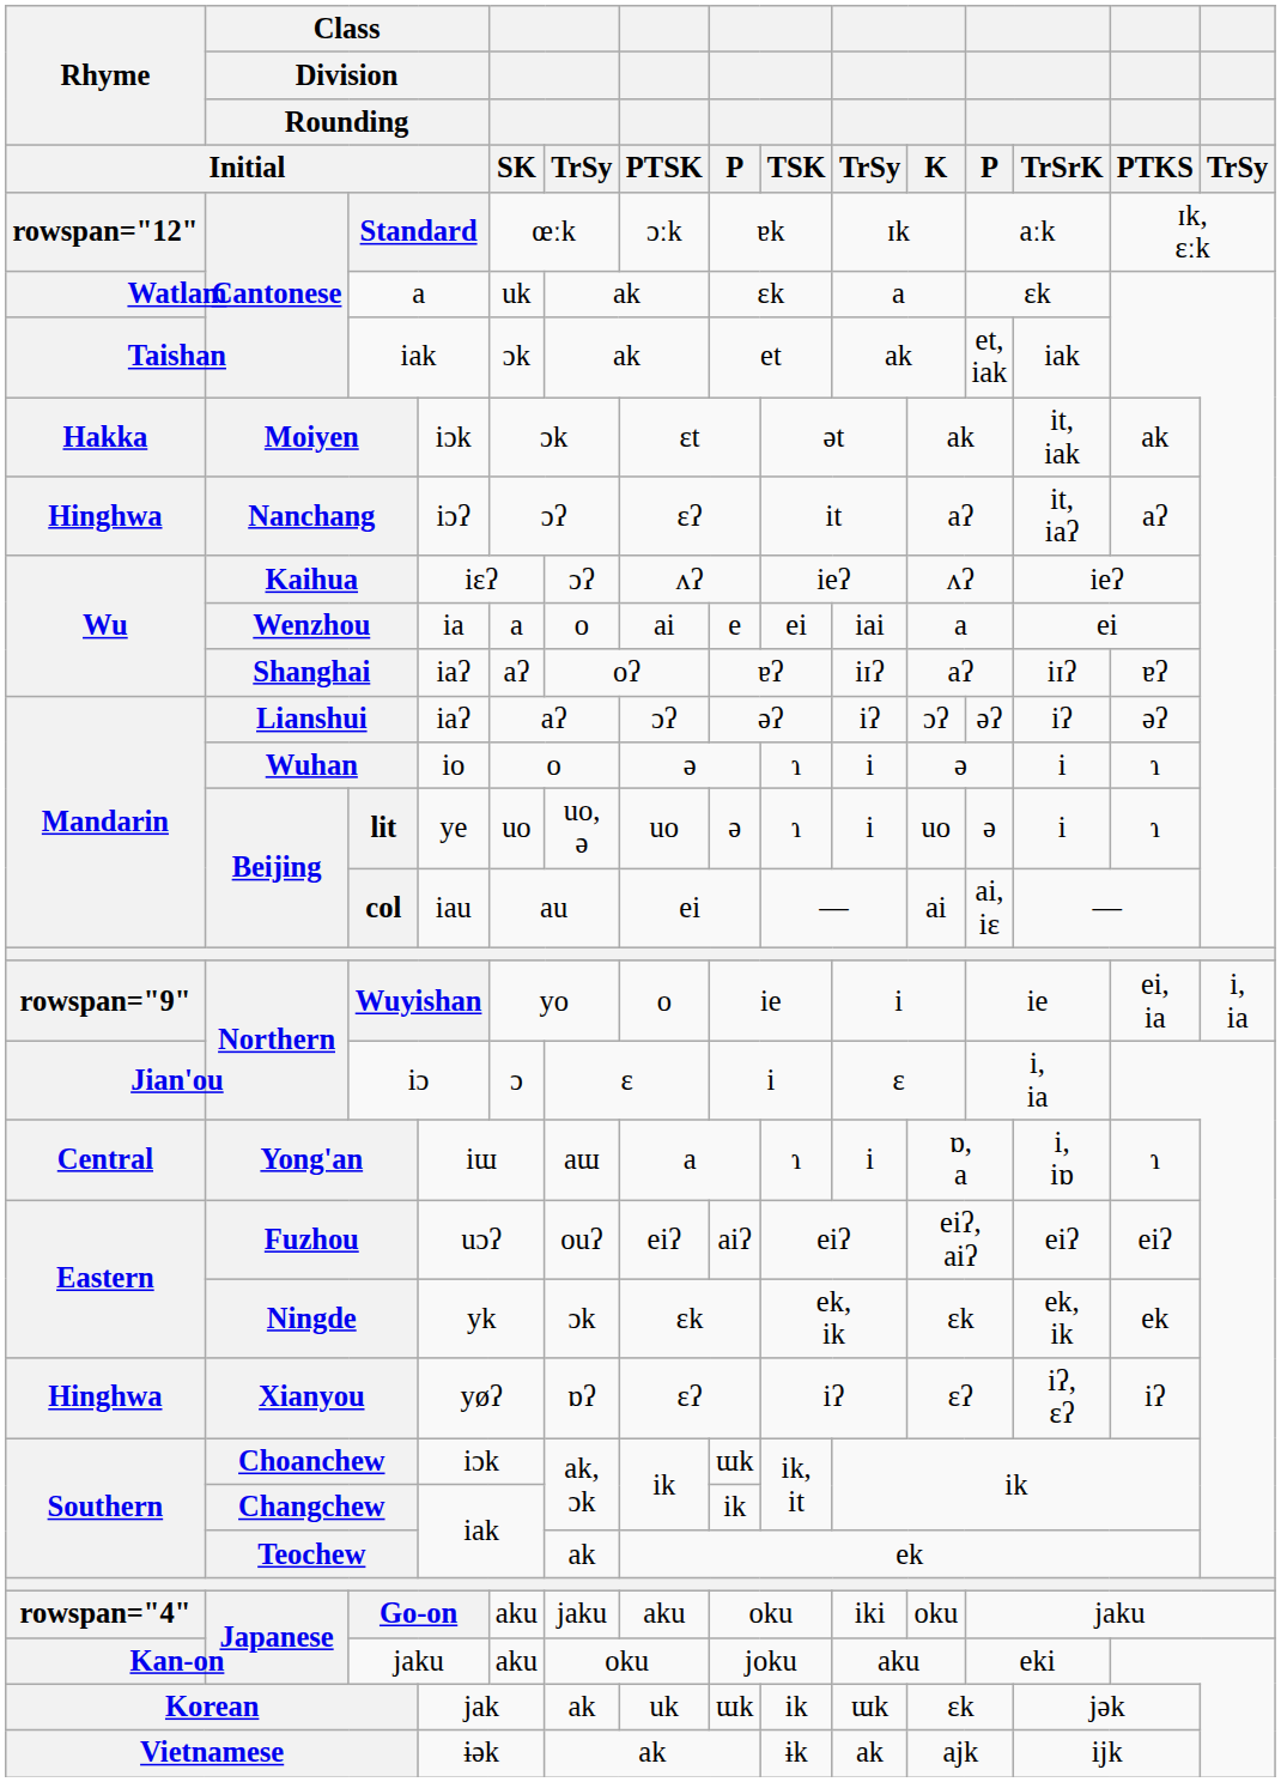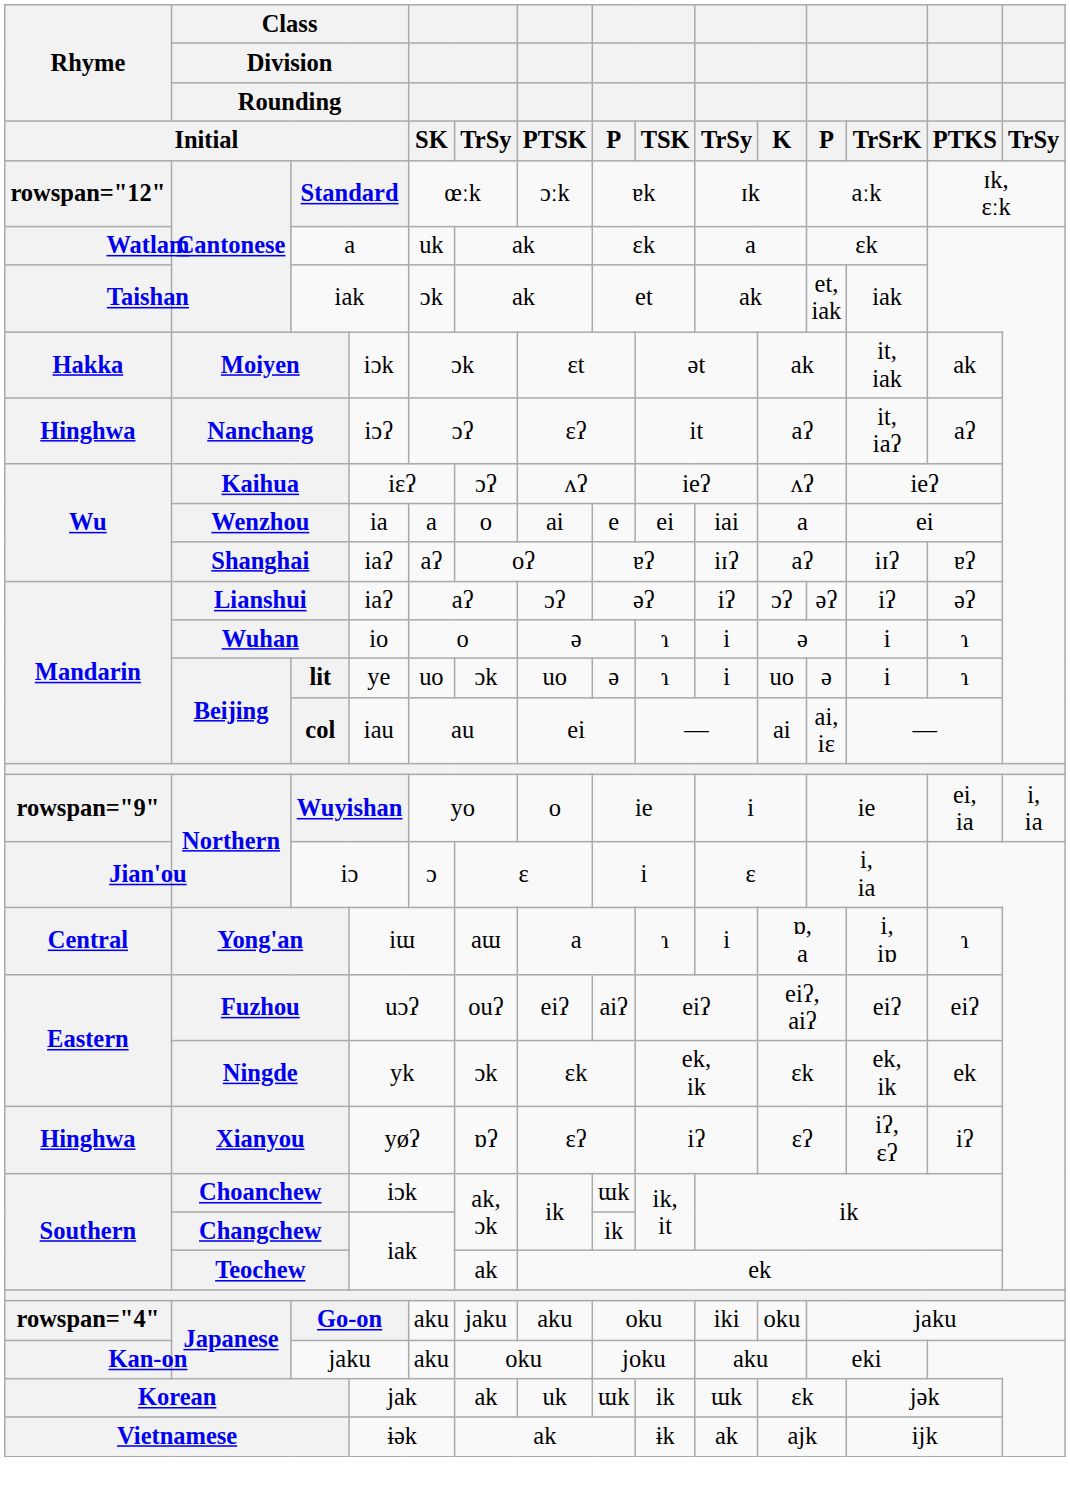 <table class="wikitable" style="text-align: center;">
 <tr>
 <th rowspan="3">Rhyme</th>
 <th colspan="3">Class</th>
 <th colspan="2"></th>
 <th></th>
 <th colspan="2"></th>
 <th colspan="2"></th>
 <th colspan="2"></th>
 <th></th>
 <th></th>
 </tr>
 <tr>
 <th colspan="3">Division</th>
 <th colspan="2"></th>
 <th></th>
 <th colspan="2"></th>
 <th colspan="2"></th>
 <th colspan="2"></th>
 <th></th>
 <th></th>
 </tr>
 <tr>
 <th colspan="3">Rounding</th>
 <th colspan="2"></th>
 <th></th>
 <th colspan="2"></th>
 <th colspan="2"></th>
 <th colspan="2"></th>
 <th></th>
 <th></th>
 </tr>
 <tr>
 <th colspan="4">Initial</th>
 <th>SK</th>
 <th>TrSy</th>
 <th>PTSK</th>
 <th>P</th>
 <th>TSK</th>
 <th>TrSy</th>
 <th>K</th>
 <th>P</th>
 <th>TrSrK</th>
 <th>PTKS</th>
 <th>TrSy</th>
 </tr>
 <tr>
 <th>rowspan="12" </th>
 <th rowspan="3"><a href='#'>Cantonese</a></th>
 <th colspan="2"><a href='#'>Standard</a></th>
 <td colspan="2">œːk</td>
 <td>ɔːk</td>
 <td colspan="2">ɐk</td>
 <td colspan="2">ɪk</td>
 <td colspan="2">aːk</td>
 <td colspan="2">ɪk,<br>ɛːk</td>
 </tr>
 <tr>
 <th colspan="2"><a href='#'>Watlam</a></th>
 <td colspan="2">a</td>
 <td>uk</td>
 <td colspan="2">ak</td>
 <td colspan="2">ɛk</td>
 <td colspan="2">a</td>
 <td colspan="2">ɛk</td>
 </tr>
 <tr>
 <th colspan="2"><a href='#'>Taishan</a></th>
 <td colspan="2">iak</td>
 <td>ɔk</td>
 <td colspan="2">ak</td>
 <td colspan="2">et</td>
 <td colspan="2">ak</td>
 <td>et,<br>iak</td>
 <td>iak</td>
 </tr>
 <tr>
 <th><a href='#'>Hakka</a></th>
 <th colspan="2"><a href='#'>Moiyen</a></th>
 <td>iɔk</td>
 <td colspan="2">ɔk</td>
 <td colspan="2">ɛt</td>
 <td colspan="2">ət</td>
 <td colspan="2">ak</td>
 <td>it,<br>iak</td>
 <td>ak</td>
 </tr>
 <tr>
 <th><a href='#'>Hinghwa</a></th>
 <th colspan="2"><a href='#'>Nanchang</a></th>
 <td>iɔʔ</td>
 <td colspan="2">ɔʔ</td>
 <td colspan="2">ɛʔ</td>
 <td colspan="2">it</td>
 <td colspan="2">aʔ</td>
 <td>it,<br>iaʔ</td>
 <td>aʔ</td>
 </tr>
 <tr>
 <th rowspan="3"><a href='#'>Wu</a></th>
 <th colspan="2"><a href='#'>Kaihua</a></th>
 <td colspan="2">iɛʔ</td>
 <td>ɔʔ</td>
 <td colspan="2">ʌʔ</td>
 <td colspan="2">ieʔ</td>
 <td colspan="2">ʌʔ</td>
 <td colspan="2">ieʔ</td>
 </tr>
 <tr>
 <th colspan="2"><a href='#'>Wenzhou</a></th>
 <td>ia</td>
 <td>a</td>
 <td>o</td>
 <td>ai</td>
 <td>e</td>
 <td>ei</td>
 <td>iai</td>
 <td colspan="2">a</td>
 <td colspan="2">ei</td>
 </tr>
 <tr>
 <th colspan="2"><a href='#'>Shanghai</a></th>
 <td>iaʔ</td>
 <td>aʔ</td>
 <td colspan="2">oʔ</td>
 <td colspan="2">ɐʔ</td>
 <td>iɪʔ</td>
 <td colspan="2">aʔ</td>
 <td>iɪʔ</td>
 <td>ɐʔ</td>
 </tr>
 <tr>
 <th rowspan="4"><a href='#'>Mandarin</a></th>
 <th colspan="2"><a href='#'>Lianshui</a></th>
 <td>iaʔ</td>
 <td colspan="2">aʔ</td>
 <td>ɔʔ</td>
 <td colspan="2">əʔ</td>
 <td>iʔ</td>
 <td>ɔʔ</td>
 <td>əʔ</td>
 <td>iʔ</td>
 <td>əʔ</td>
 </tr>
 <tr>
 <th colspan="2"><a href='#'>Wuhan</a></th>
 <td>io</td>
 <td colspan="2">o</td>
 <td colspan="2">ə</td>
 <td>ɿ</td>
 <td>i</td>
 <td colspan="2">ə</td>
 <td>i</td>
 <td>ɿ</td>
 </tr>
 <tr>
 <th rowspan="2"><a href='#'>Beijing</a></th>
 <th>lit</th>
 <td>ye</td>
 <td>uo</td>
-<td>uo,<br>ə</td>
+<td>ɔk</td>
 <td>uo</td>
 <td>ə</td>
 <td>ɿ</td>
 <td>i</td>
 <td>uo</td>
 <td>ə</td>
 <td>i</td>
 <td>ɿ</td>
 </tr>
 <tr>
 <th>col</th>
 <td>iau</td>
 <td colspan="2">au</td>
 <td colspan="2">ei</td>
 <td colspan="2">—</td>
 <td>ai</td>
 <td>ai,<br>iɛ</td>
 <td colspan="2">—</td>
 </tr>
 <tr>
 <th colspan="16"></th>
 </tr>
 <tr>
 <th>rowspan="9" </th>
 <th rowspan="2"><a href='#'>Northern</a></th>
 <th colspan="2"><a href='#'>Wuyishan</a></th>
 <td colspan="2">yo</td>
 <td>o</td>
 <td colspan="2">ie</td>
 <td colspan="2">i</td>
 <td colspan="2">ie</td>
 <td>ei,<br>ia</td>
 <td>i,<br>ia</td>
 </tr>
 <tr>
 <th colspan="2"><a href='#'>Jian'ou</a></th>
 <td colspan="2">iɔ</td>
 <td>ɔ</td>
 <td colspan="2">ɛ</td>
 <td colspan="2">i</td>
 <td colspan="2">ɛ</td>
 <td colspan="2">i,<br>ia</td>
 </tr>
 <tr>
 <th><a href='#'>Central</a></th>
 <th colspan="2"><a href='#'>Yong'an</a></th>
 <td colspan="2">iɯ</td>
 <td>aɯ</td>
 <td colspan="2">a</td>
 <td>ɿ</td>
 <td>i</td>
 <td colspan="2">ɒ,<br>a</td>
 <td>i,<br>iɒ</td>
 <td>ɿ</td>
 </tr>
 <tr>
 <th rowspan="2"><a href='#'>Eastern</a></th>
 <th colspan="2"><a href='#'>Fuzhou</a></th>
 <td colspan="2">uɔʔ</td>
 <td>ouʔ</td>
 <td>eiʔ</td>
 <td>aiʔ</td>
 <td colspan="2">eiʔ</td>
 <td colspan="2">eiʔ,<br>aiʔ</td>
 <td>eiʔ</td>
 <td>eiʔ</td>
 </tr>
 <tr>
 <th colspan="2"><a href='#'>Ningde</a></th>
 <td colspan="2">yk</td>
 <td>ɔk</td>
 <td colspan="2">ɛk</td>
 <td colspan="2">ek,<br>ik</td>
 <td colspan="2">ɛk</td>
 <td>ek,<br>ik</td>
 <td>ek</td>
 </tr>
 <tr>
 <th><a href='#'>Hinghwa</a></th>
 <th colspan="2"><a href='#'>Xianyou</a></th>
 <td colspan="2">yøʔ</td>
 <td>ɒʔ</td>
 <td colspan="2">ɛʔ</td>
 <td colspan="2">iʔ</td>
 <td colspan="2">ɛʔ</td>
 <td>iʔ,<br>ɛʔ</td>
 <td>iʔ</td>
 </tr>
 <tr>
 <th rowspan="3"><a href='#'>Southern</a></th>
 <th colspan="2"><a href='#'>Choanchew</a></th>
 <td colspan="2">iɔk</td>
 <td rowspan="2">ak,<br>ɔk</td>
 <td rowspan="2">ik</td>
 <td>ɯk</td>
 <td rowspan="2">ik,<br>it</td>
 <td colspan="5" rowspan="2">ik</td>
 </tr>
 <tr>
 <th colspan="2"><a href='#'>Changchew</a></th>
 <td colspan="2" rowspan="2">iak</td>
 <td>ik</td>
 </tr>
 <tr>
 <th colspan="2"><a href='#'>Teochew</a></th>
 <td>ak</td>
 <td colspan="8">ek</td>
 </tr>
 <tr>
 <th colspan="16"></th>
 </tr>
 <tr>
 <th>rowspan="4" </th>
 <th rowspan="2"><a href='#'>Japanese</a></th>
 <th colspan="2"><a href='#'>Go-on</a></th>
 <td>aku</td>
 <td>jaku</td>
 <td>aku</td>
 <td colspan="2">oku</td>
 <td>iki</td>
 <td>oku</td>
 <td colspan="4">jaku</td>
 </tr>
 <tr>
 <th colspan="2"><a href='#'>Kan-on</a></th>
 <td colspan="2">jaku</td>
 <td>aku</td>
 <td colspan="2">oku</td>
 <td colspan="2">joku</td>
 <td colspan="2">aku</td>
 <td colspan="2">eki</td>
 </tr>
 <tr>
 <th colspan="3"><a href='#'>Korean</a></th>
 <td colspan="2">jak</td>
 <td>ak</td>
 <td>uk</td>
 <td>ɯk</td>
 <td>ik</td>
 <td>ɯk</td>
 <td colspan="2">ɛk</td>
 <td colspan="2">jək</td>
 </tr>
 <tr>
 <th colspan="3"><a href='#'>Vietnamese</a></th>
 <td colspan="2">ɨək</td>
 <td colspan="3">ak</td>
 <td>ɨk</td>
 <td>ak</td>
 <td colspan="2">ajk</td>
 <td colspan="2">ijk</td>
 </tr>
 </table>
